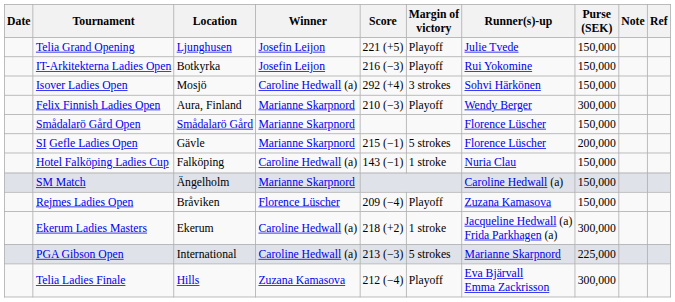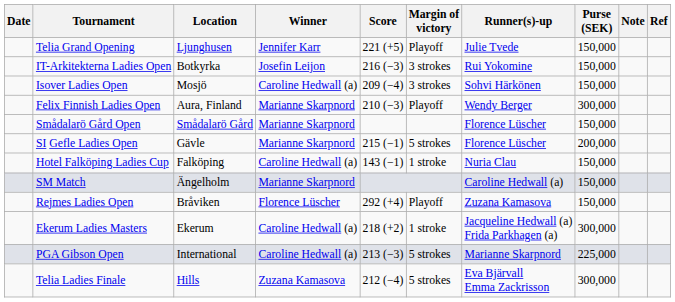 <table class="wikitable" style="font-size:95%;">
 <tr>
 <th>Date</th>
 <th>Tournament</th>
 <th>Location</th>
 <th>Winner</th>
 <th>Score</th>
 <th>Margin of<br>victory</th>
 <th>Runner(s)-up</th>
 <th>Purse<br>(SEK)</th>
 <th>Note</th>
 <th>Ref</th>
 </tr>
 <tr>
 <td></td>
 <td><a href='#'>Telia Grand Opening</a></td>
 <td><a href='#'>Ljunghusen</a></td>
-<td> <a href='#'>Josefin Leijon</a></td>
+<td> <a href='#'>Jennifer Karr</a></td>
 <td align=center>221 (+5)</td>
 <td>Playoff</td>
 <td> <a href='#'>Julie Tvede</a></td>
 <td align=right>150,000</td>
 <td></td>
 <td></td>
 </tr>
 <tr>
 <td></td>
 <td><a href='#'>IT-Arkitekterna Ladies Open</a></td>
 <td>Botkyrka</td>
 <td> <a href='#'>Josefin Leijon</a></td>
 <td align=center>216 (−3)</td>
-<td>Playoff</td>
+<td>3 strokes</td>
 <td> <a href='#'>Rui Yokomine</a></td>
 <td align=right>150,000</td>
 <td></td>
 <td></td>
 </tr>
 <tr>
 <td></td>
 <td><a href='#'>Isover Ladies Open</a></td>
 <td>Mosjö</td>
 <td> <a href='#'>Caroline Hedwall</a> (a)</td>
-<td align=center>292 (+4)</td>
+<td align=center>209 (−4)</td>
 <td>3 strokes</td>
 <td> <a href='#'>Sohvi Härkönen</a></td>
 <td align=right>150,000</td>
 <td></td>
 <td></td>
 </tr>
 <tr>
 <td></td>
 <td><a href='#'>Felix Finnish Ladies Open</a></td>
 <td>Aura, Finland</td>
 <td> <a href='#'>Marianne Skarpnord</a></td>
 <td align=center>210 (−3)</td>
 <td>Playoff</td>
 <td> <a href='#'>Wendy Berger</a></td>
 <td align=right>300,000</td>
 <td></td>
 <td></td>
 </tr>
 <tr>
 <td></td>
 <td><a href='#'>Smådalarö Gård Open</a></td>
 <td><a href='#'>Smådalarö Gård</a></td>
 <td> <a href='#'>Marianne Skarpnord</a></td>
 <td align=center></td>
 <td></td>
 <td> <a href='#'>Florence Lüscher</a></td>
 <td align=right>150,000</td>
 <td></td>
 <td></td>
 </tr>
 <tr>
 <td></td>
 <td><a href='#'>SI</a> <a href='#'>Gefle Ladies Open</a></td>
 <td>Gävle</td>
 <td> <a href='#'>Marianne Skarpnord</a></td>
 <td align=center>215 (−1)</td>
 <td>5 strokes</td>
 <td> <a href='#'>Florence Lüscher</a></td>
 <td align=right>200,000</td>
 <td></td>
 <td></td>
 </tr>
 <tr>
 <td></td>
 <td><a href='#'>Hotel Falköping Ladies Cup</a></td>
 <td>Falköping</td>
 <td> <a href='#'>Caroline Hedwall</a> (a)</td>
 <td align=center>143 (−1)</td>
 <td>1 stroke</td>
 <td> <a href='#'>Nuria Clau</a></td>
 <td align=right>150,000</td>
 <td></td>
 <td></td>
 </tr>
 <tr style="background:#dfe2e9;">
 <td></td>
 <td><a href='#'>SM Match</a></td>
 <td>Ängelholm</td>
 <td> <a href='#'>Marianne Skarpnord</a></td>
 <td colspan=2 align=center></td>
 <td> <a href='#'>Caroline Hedwall</a> (a)</td>
 <td align=right>150,000</td>
 <td></td>
 <td></td>
 </tr>
 <tr>
 <td></td>
 <td><a href='#'>Rejmes Ladies Open</a></td>
 <td>Bråviken</td>
 <td> <a href='#'>Florence Lüscher</a></td>
-<td align=center>209 (−4)</td>
+<td align=center>292 (+4)</td>
 <td>Playoff</td>
 <td> <a href='#'>Zuzana Kamasova</a></td>
 <td align=right>150,000</td>
 <td></td>
 <td></td>
 </tr>
 <tr>
 <td></td>
 <td><a href='#'>Ekerum Ladies Masters</a></td>
 <td>Ekerum</td>
 <td> <a href='#'>Caroline Hedwall</a> (a)</td>
 <td align=center>218 (+2)</td>
 <td>1 stroke</td>
 <td> <a href='#'>Jacqueline Hedwall</a> (a)<br> <a href='#'>Frida Parkhagen</a> (a)</td>
 <td align=right>300,000</td>
 <td></td>
 <td></td>
 </tr>
 <tr style="background:#dfe2e9;">
 <td></td>
 <td><a href='#'>PGA Gibson Open</a></td>
 <td>International</td>
 <td> <a href='#'>Caroline Hedwall</a> (a)</td>
 <td align=center>213 (−3)</td>
 <td>5 strokes</td>
 <td> <a href='#'>Marianne Skarpnord</a></td>
 <td align=right>225,000</td>
 <td></td>
 <td></td>
 </tr>
 <tr>
 <td></td>
 <td><a href='#'>Telia Ladies Finale</a></td>
 <td><a href='#'>Hills</a></td>
 <td> <a href='#'>Zuzana Kamasova</a></td>
 <td align=center>212 (−4)</td>
-<td>Playoff</td>
+<td>5 strokes</td>
 <td> <a href='#'>Eva Bjärvall</a><br> <a href='#'>Emma Zackrisson</a></td>
 <td align=right>300,000</td>
 <td></td>
 <td></td>
 </tr>
 </table>
